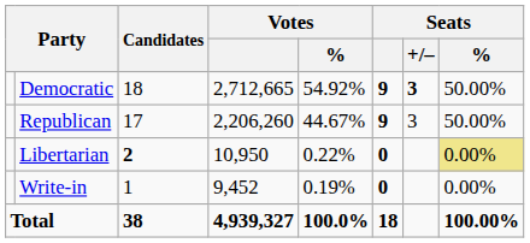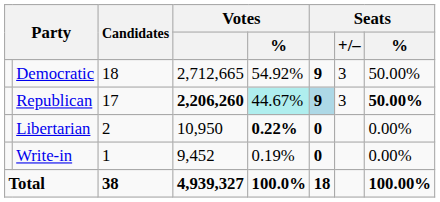 <table class="wikitable" style="font-size: 95%;">
 <tr>
 <th colspan="2" rowspan="2">Party</th>
 <th rowspan="2"><small>Candi</small><small>dates</small></th>
 <th colspan="2">Votes</th>
 <th colspan="3">Seats</th>
 </tr>
 <tr>
 <th></th>
 <th>%</th>
 <th></th>
 <th>+/–</th>
 <th>%</th>
 </tr>
 <tr>
 <td style="background:"></td>
 <td align=left><a href='#'>Democratic</a></td>
 <td>18</td>
 <td>2,712,665</td>
 <td>54.92%</td>
 <td><strong>9</strong></td>
-<td><strong>3</strong></td>
+<td>3</td>
 <td>50.00%</td>
 </tr>
 <tr>
 <td style="background:"></td>
 <td align=left><a href='#'>Republican</a></td>
 <td>17</td>
-<td>2,206,260</td>
-<td>44.67%</td>
-<td><strong>9</strong></td>
+<td><strong>2,206,260</strong></td>
+<td style="background: paleturquoise;">44.67%</td>
+<td style="background: lightblue;"><strong>9</strong></td>
 <td>3</td>
-<td>50.00%</td>
+<td><strong>50.00%</strong></td>
 </tr>
 <tr>
 <td style="background:"></td>
 <td align=left><a href='#'>Libertarian</a></td>
-<td><strong>2</strong></td>
+<td>2</td>
 <td>10,950</td>
-<td>0.22%</td>
+<td><strong>0.22%</strong></td>
 <td><strong>0</strong></td>
 <td></td>
-<td style="background: khaki;">0.00%</td>
+<td>0.00%</td>
 </tr>
 <tr>
 <td style="background:"></td>
 <td align=left><a href='#'>Write-in</a></td>
 <td>1</td>
 <td>9,452</td>
 <td>0.19%</td>
 <td><strong>0</strong></td>
 <td></td>
 <td>0.00%</td>
 </tr>
 <tr style="font-weight:bold">
 <td colspan=2 align=left>Total</td>
 <td>38</td>
 <td>4,939,327</td>
 <td>100.0%</td>
 <td>18</td>
 <td></td>
 <td>100.00%</td>
 </tr>
 </table>
